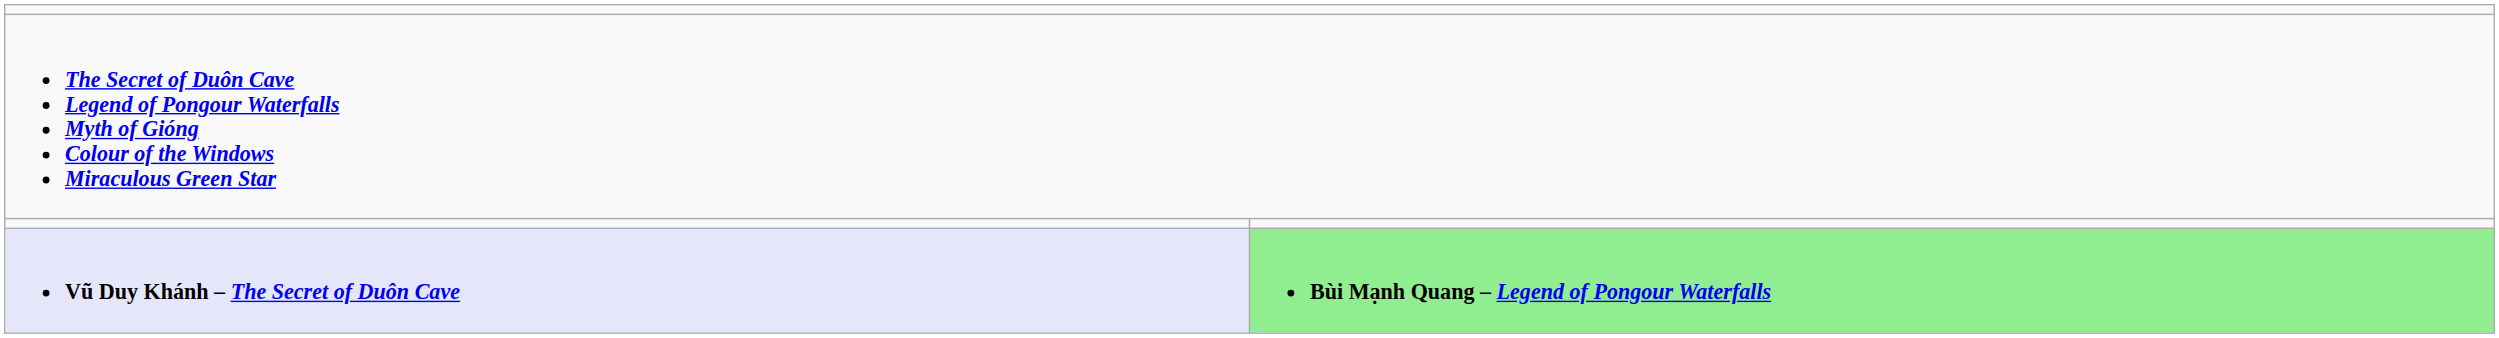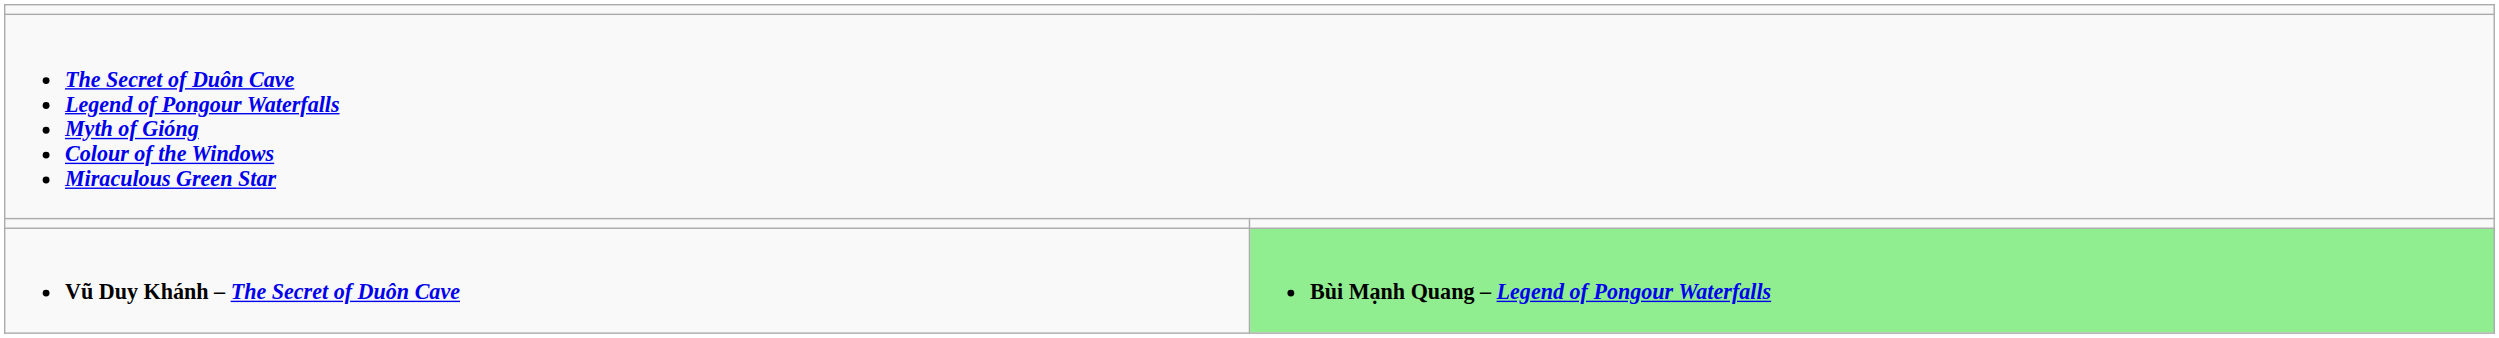 <table class="wikitable" align="center" style="width:91%">
 <tr>
 <td colspan="2" style="vertical-align:top; width:100%;"></td>
 </tr>
 <tr>
 <td colspan="2" valign="top"><br><ul><li><strong><em><span><a href='#'>The Secret of Duôn Cave</a></span></em></strong> </li><li><strong><em><span><a href='#'>Legend of Pongour Waterfalls</a></span></em></strong> </li><li><strong><em><span><a href='#'>Myth of Gióng</a></span></em></strong> </li><li><strong><em><span><a href='#'>Colour of the Windows</a></span></em></strong></li><li><strong><em><span><a href='#'>Miraculous Green Star</a></span></em></strong></li></ul></td>
 </tr>
 <tr>
 <td style="vertical-align:top; width:50%;"></td>
 <td style="vertical-align:top; width:50%;"></td>
 </tr>
 <tr>
-<td valign="top" style="background: lavender;"><br><ul><li><strong>Vũ Duy Khánh – <em><a href='#'>The Secret of Duôn Cave</a></em> </strong></li></ul></td>
+<td valign="top"><br><ul><li><strong>Vũ Duy Khánh – <em><a href='#'>The Secret of Duôn Cave</a></em> </strong></li></ul></td>
 <td valign="top" style="background: lightgreen;"><br><ul><li><strong>Bùi Mạnh Quang – <em><a href='#'>Legend of Pongour Waterfalls</a></em> </strong></li></ul></td>
 </tr>
 </table>
